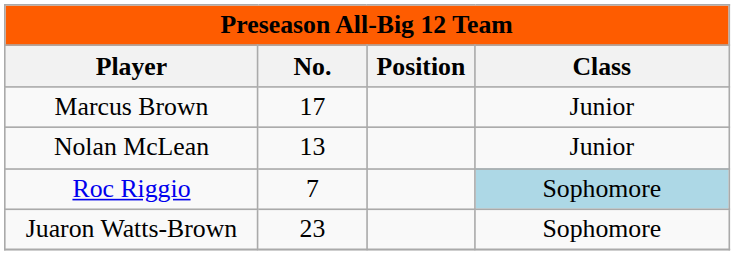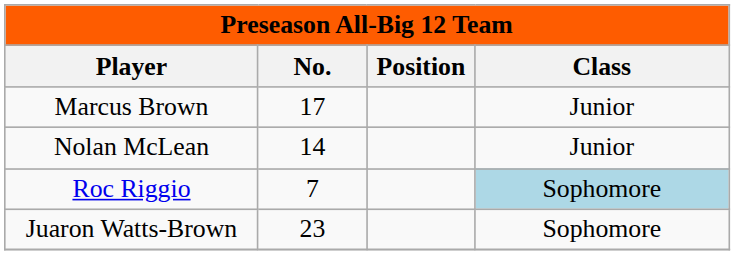 <table class="wikitable" style="text-align:center">
 <tr>
 <td colspan="5" style= "background: #FE5C00; color:black"><strong>Preseason All-Big 12 Team</strong></td>
 </tr>
 <tr>
 <th style="width:150px; ">Player</th>
 <th style="width:60px; ">No.</th>
 <th style="width:60px; ">Position</th>
 <th style="width:150px; ">Class</th>
 </tr>
 <tr>
 <td>Marcus Brown</td>
 <td>17</td>
 <td><a href='#'></a></td>
 <td>Junior</td>
 </tr>
 <tr>
 <td>Nolan McLean</td>
-<td>13</td>
+<td>14</td>
 <td></td>
 <td>Junior</td>
 </tr>
 <tr>
 <td><a href='#'>Roc Riggio</a></td>
 <td>7</td>
 <td></td>
 <td style="background: lightblue;">Sophomore</td>
 </tr>
 <tr>
 <td>Juaron Watts-Brown</td>
 <td>23</td>
 <td></td>
 <td>Sophomore</td>
 </tr>
 <tr>
 </tr>
 </table>
